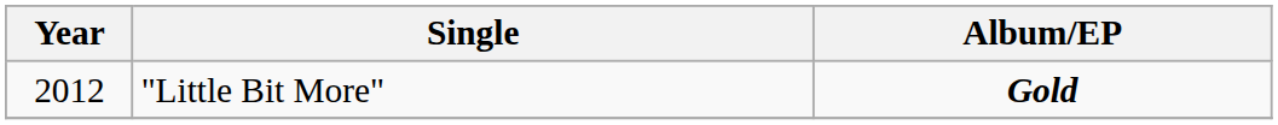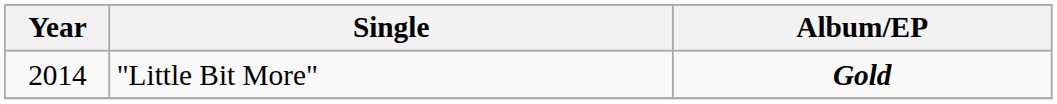 <table class="wikitable">
 <tr>
 <th width="50">Year</th>
 <th width="300">Single</th>
 <th width="200">Album/EP</th>
 </tr>
 <tr>
-<td rowspan="1" align="center">2012</td>
+<td rowspan="1" align="center">2014</td>
 <td>"Little Bit More"<br></td>
 <td rowspan="1" align="center"><strong><em>Gold</em></strong></td>
 </tr>
 <tr>
 </tr>
 </table>
